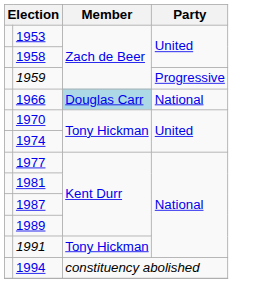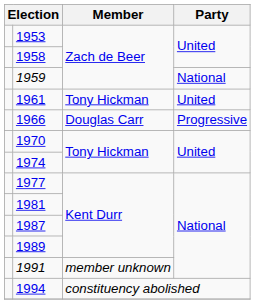 <table class="wikitable">
 <tr>
 <th colspan="2">Election</th>
 <th>Member</th>
 <th>Party</th>
 </tr>
 <tr>
 <td style="background-color: "></td>
 <td><a href='#'>1953</a></td>
 <td rowspan="3"><a href='#'>Zach de Beer</a></td>
 <td rowspan="2"><a href='#'>United</a></td>
 </tr>
 <tr>
 <td style="background-color: "></td>
 <td><a href='#'>1958</a></td>
 </tr>
 <tr>
 <td style="background-color: "></td>
 <td><em>1959</em></td>
-<td><a href='#'>Progressive</a></td>
+<td><a href='#'>National</a></td>
+</tr>
+<tr>
+<td style="background-color: "></td>
+<td><a href='#'>1961</a></td>
+<td><a href='#'>Tony Hickman</a></td>
+<td><a href='#'>United</a></td>
 </tr>
 <tr>
 <td style="background-color: "></td>
 <td><a href='#'>1966</a></td>
-<td style="background: lightblue;"><a href='#'>Douglas Carr</a></td>
-<td><a href='#'>National</a></td>
+<td><a href='#'>Douglas Carr</a></td>
+<td><a href='#'>Progressive</a></td>
 </tr>
 <tr>
 <td style="background-color: "></td>
 <td><a href='#'>1970</a></td>
 <td rowspan="2"><a href='#'>Tony Hickman</a></td>
 <td rowspan="2"><a href='#'>United</a></td>
 </tr>
 <tr>
 <td style="background-color: "></td>
 <td><a href='#'>1974</a></td>
 </tr>
 <tr>
 <td style="background-color: "></td>
 <td><a href='#'>1977</a></td>
 <td rowspan="4"><a href='#'>Kent Durr</a></td>
 <td rowspan="5"><a href='#'>National</a></td>
 </tr>
 <tr>
 <td style="background-color: "></td>
 <td><a href='#'>1981</a></td>
 </tr>
 <tr>
 <td style="background-color: "></td>
 <td><a href='#'>1987</a></td>
 </tr>
 <tr>
 <td style="background-color: "></td>
 <td><a href='#'>1989</a></td>
 </tr>
 <tr>
 <td style="background-color: "></td>
 <td><em>1991</em></td>
-<td><a href='#'>Tony Hickman</a></td>
+<td><em>member unknown</em></td>
 </tr>
 <tr>
 <td style="background-color: "></td>
 <td><a href='#'>1994</a></td>
 <td colspan="2"><em>constituency abolished</em></td>
 </tr>
 <tr>
 </tr>
 </table>
